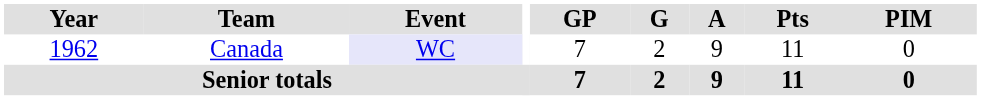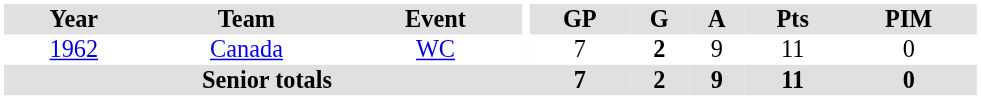 <table border="0" cellpadding="1" cellspacing="0" ID="Table3" style="text-align:center; width:40em">
 <tr bgcolor="#e0e0e0">
 <th>Year</th>
 <th>Team</th>
 <th>Event</th>
 <th rowspan="102" bgcolor="#ffffff"></th>
 <th>GP</th>
 <th>G</th>
 <th>A</th>
 <th>Pts</th>
 <th>PIM</th>
 </tr>
 <tr>
 <td><a href='#'>1962</a></td>
 <td><a href='#'>Canada</a></td>
-<td style="background: lavender;"><a href='#'>WC</a></td>
+<td><a href='#'>WC</a></td>
 <td>7</td>
-<td>2</td>
+<td><strong>2</strong></td>
 <td>9</td>
 <td>11</td>
 <td>0</td>
 </tr>
 <tr bgcolor="#e0e0e0">
 <th colspan="4">Senior totals</th>
 <th>7</th>
 <th>2</th>
 <th>9</th>
 <th>11</th>
 <th>0</th>
 </tr>
 </table>
